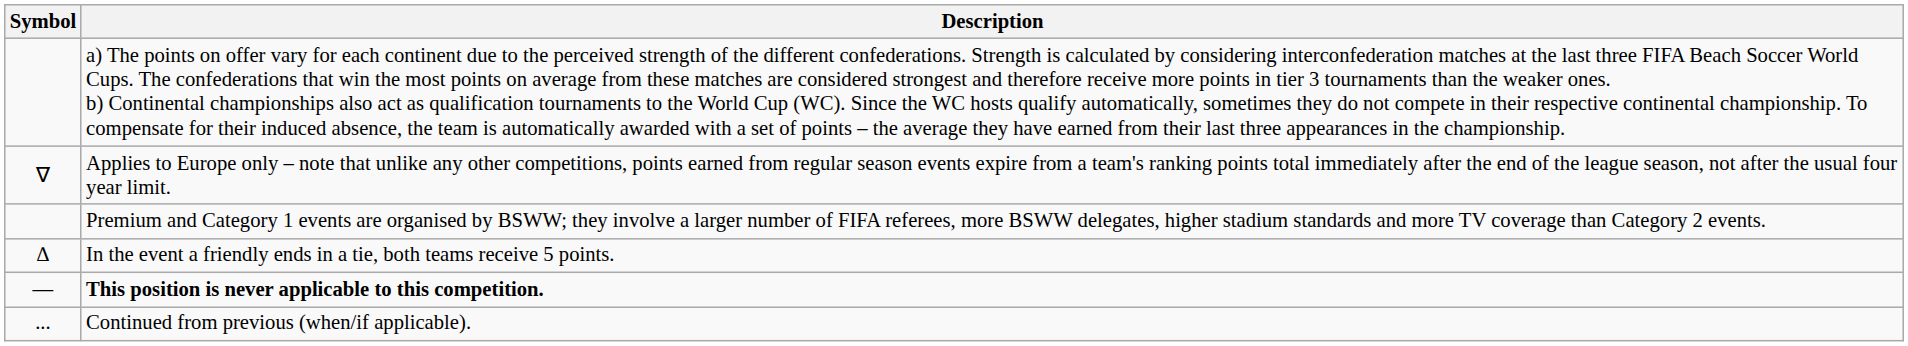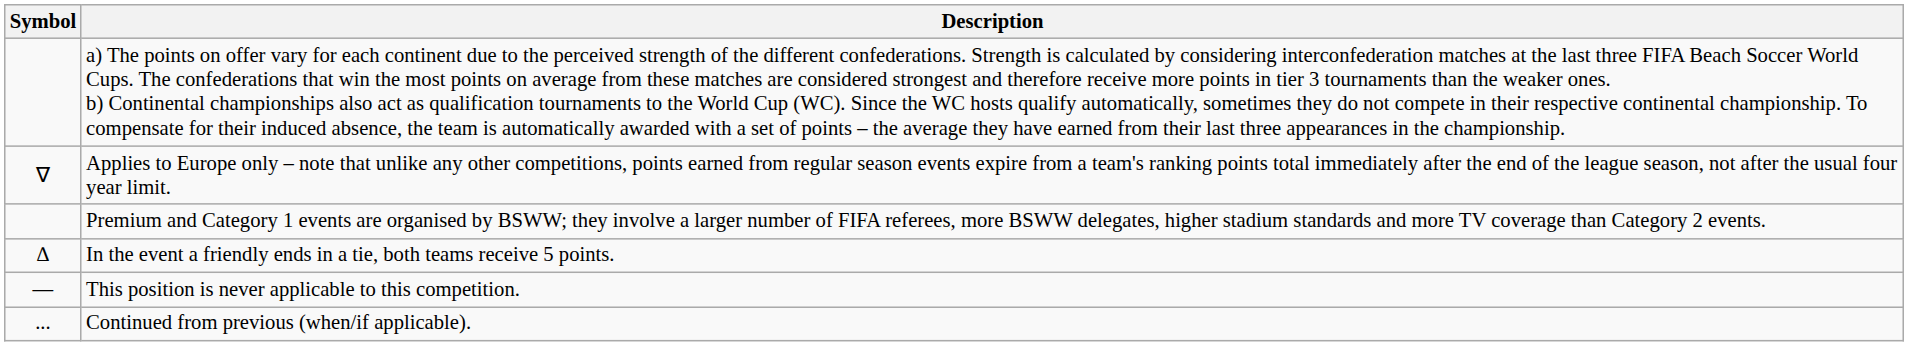 <table class="wikitable mw-collapsible mw-collapsed"  style="text-align: left;font-size:85%; ">
 <tr>
 <th>Symbol</th>
 <th>Description</th>
 </tr>
 <tr>
 <td align="center"></td>
 <td>a) The points on offer vary for each continent due to the perceived strength of the different confederations. Strength is calculated by considering interconfederation matches at the last three FIFA Beach Soccer World Cups. The confederations that win the most points on average from these matches are considered strongest and therefore receive more points in tier 3 tournaments than the weaker ones.<br>b) Continental championships also act as qualification tournaments to the World Cup (WC). Since the WC hosts qualify automatically, sometimes they do not compete in their respective continental championship. To compensate for their induced absence, the team is automatically awarded with a set of points – the average they have earned from their last three appearances in the championship.</td>
 </tr>
 <tr>
 <td align="center">∇</td>
 <td>Applies to Europe only – note that unlike any other competitions, points earned from regular season events expire from a team's ranking points total immediately after the end of the league season, not after the usual four year limit.</td>
 </tr>
 <tr>
 <td align="center"></td>
 <td>Premium and Category 1 events are organised by BSWW; they involve a larger number of FIFA referees, more BSWW delegates, higher stadium standards and more TV coverage than Category 2 events.</td>
 </tr>
 <tr>
 <td align="center">∆</td>
 <td>In the event a friendly ends in a tie, both teams receive 5 points.</td>
 </tr>
 <tr>
 <td align="center">—</td>
-<td><strong>This position is never applicable to this competition.</strong></td>
+<td>This position is never applicable to this competition.</td>
 </tr>
 <tr>
 <td align="center">...</td>
 <td>Continued from previous (when/if applicable).</td>
 </tr>
 </table>
